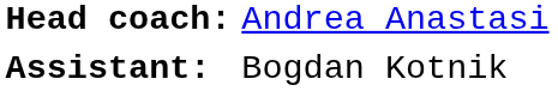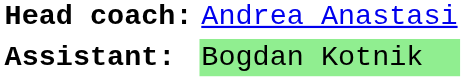 <table>
 <tr>
 <td><strong>Head coach:</strong></td>
 <td> <a href='#'>Andrea Anastasi</a></td>
 </tr>
 <tr>
 <td><strong>Assistant:</strong></td>
-<td> Bogdan Kotnik</td>
+<td style="background: lightgreen;"> Bogdan Kotnik</td>
 </tr>
 </table>
